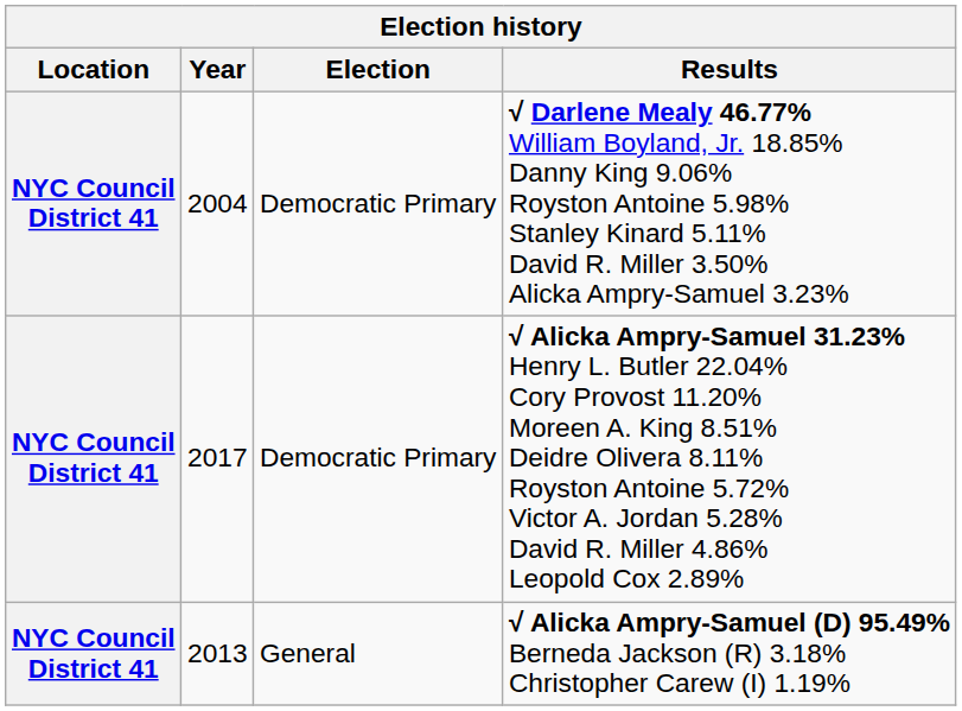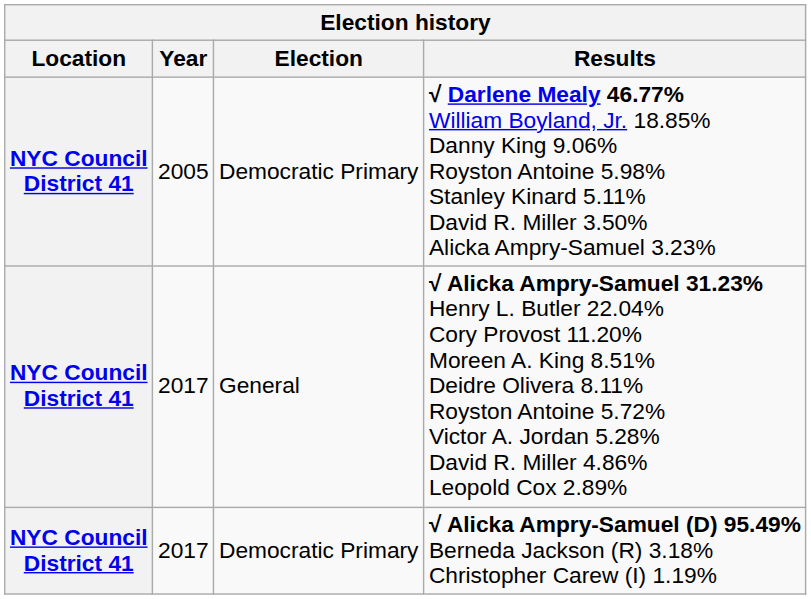 <table class="wikitable collapsible">
 <tr valign=bottom>
 <th colspan=4>Election history</th>
 </tr>
 <tr valign=bottom>
 <th>Location</th>
 <th>Year</th>
 <th>Election</th>
 <th>Results</th>
 </tr>
 <tr>
 <th><a href='#'>NYC Council<br>District 41</a></th>
-<td>2004</td>
+<td>2005</td>
 <td>Democratic Primary</td>
 <td><strong>√ <a href='#'>Darlene Mealy</a> 46.77%</strong><br><a href='#'>William Boyland, Jr.</a> 18.85%<br>Danny King 9.06%<br>Royston Antoine 5.98%<br>Stanley Kinard 5.11%<br>David R. Miller 3.50%<br>Alicka Ampry-Samuel 3.23%</td>
 </tr>
 <tr>
 <th><a href='#'>NYC Council<br>District 41</a></th>
 <td>2017</td>
-<td>Democratic Primary</td>
+<td>General</td>
 <td><strong>√ Alicka Ampry-Samuel 31.23%</strong><br>Henry L. Butler 22.04%<br>Cory Provost 11.20%<br>Moreen A. King 8.51%<br>Deidre Olivera 8.11%<br>Royston Antoine 5.72%<br>Victor A. Jordan 5.28%<br>David R. Miller 4.86%<br>Leopold Cox 2.89%</td>
 </tr>
 <tr>
 <th><a href='#'>NYC Council<br>District 41</a></th>
-<td>2013</td>
-<td>General</td>
+<td>2017</td>
+<td>Democratic Primary</td>
 <td><strong>√ Alicka Ampry-Samuel (D) 95.49%</strong><br>Berneda Jackson (R) 3.18%<br>Christopher Carew (I) 1.19%</td>
 </tr>
 </table>
